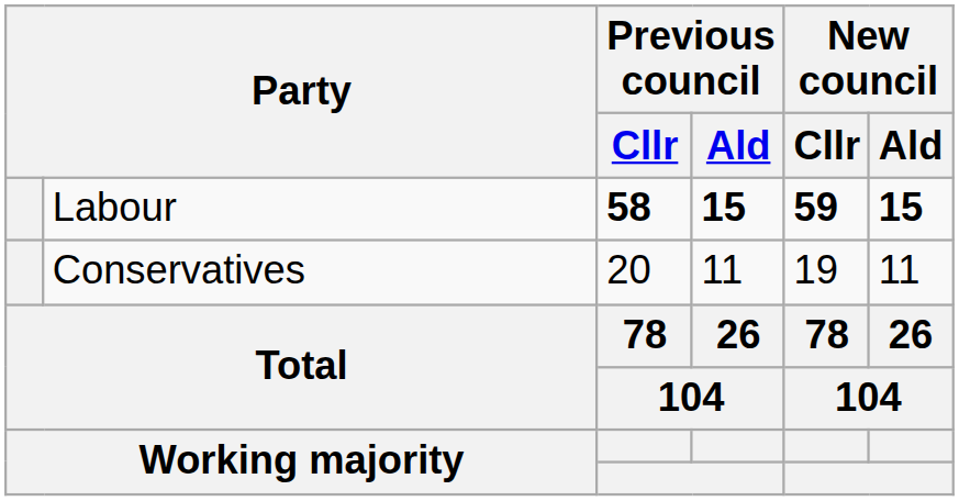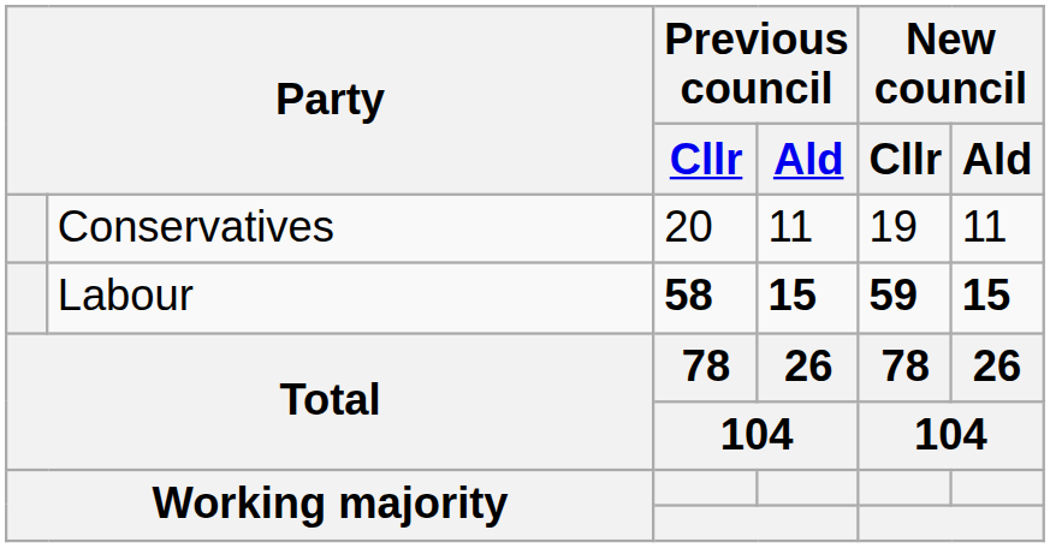 <table class="wikitable">
 <tr>
 <th colspan="2" rowspan="2" style="width: 230px">Party</th>
 <th valign=top colspan="2" style="width: 30px">Previous council</th>
 <th valign=top colspan="2" style="width: 30px">New council</th>
 </tr>
 <tr>
 <th><a href='#'>Cllr</a></th>
 <th><a href='#'>Ald</a></th>
 <th>Cllr</th>
 <th>Ald</th>
 </tr>
 <tr>
 <th style="background-color: "></th>
+<td>Conservatives</td>
+<td>20</td>
+<td>11</td>
+<td>19</td>
+<td>11</td>
+</tr>
+<tr>
+<th style="background-color: "></th>
 <td>Labour</td>
 <td><strong>58</strong></td>
 <td><strong>15</strong></td>
 <td><strong>59</strong></td>
 <td><strong>15</strong></td>
-</tr>
-<tr>
-<th style="background-color: "></th>
-<td>Conservatives</td>
-<td>20</td>
-<td>11</td>
-<td>19</td>
-<td>11</td>
 </tr>
 <tr>
 <th colspan="2" rowspan="2">Total</th>
 <th style="text-align: center">78</th>
 <th style="text-align: center">26</th>
 <th style="text-align: center">78</th>
 <th style="text-align: center">26</th>
 </tr>
 <tr>
 <th colspan="2" style="text-align: center">104</th>
 <th colspan="2" style="text-align: center">104</th>
 </tr>
 <tr>
 <th colspan="2" rowspan="2">Working majority</th>
 <th></th>
 <th></th>
 <th></th>
 <th></th>
 </tr>
 <tr>
 <th colspan="2"></th>
 <th colspan="2"></th>
 </tr>
 </table>
